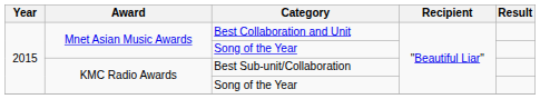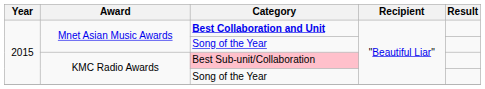 <table class="wikitable">
 <tr>
 <th style="width:50px;">Year</th>
 <th style="width:230px;">Award</th>
 <th style="width:260px;">Category</th>
 <th style="width:130px;">Recipient</th>
 <th>Result</th>
 </tr>
 <tr>
 <td align="center" rowspan="4">2015</td>
 <td align="center" rowspan="2"><a href='#'>Mnet Asian Music Awards</a></td>
-<td><a href='#'>Best Collaboration and Unit</a></td>
+<td><strong><a href='#'>Best Collaboration and Unit</a></strong></td>
 <td align="center" rowspan="4">"<a href='#'>Beautiful Liar</a>"</td>
 <td></td>
 </tr>
 <tr>
 <td><a href='#'>Song of the Year</a></td>
 <td></td>
 </tr>
 <tr>
 <td align="center" rowspan="2">KMC Radio Awards</td>
-<td>Best Sub-unit/Collaboration</td>
+<td style="background: pink;">Best Sub-unit/Collaboration</td>
 <td></td>
 </tr>
 <tr>
 <td>Song of the Year</td>
 <td></td>
 </tr>
 <tr>
 </tr>
 </table>
